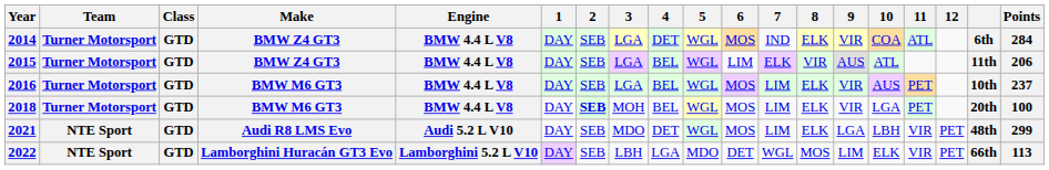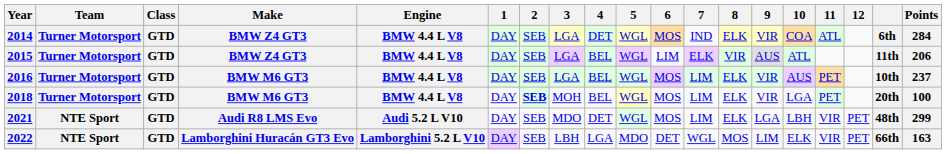 <table class="wikitable" style="text-align:center; font-size:90%">
 <tr>
 <th>Year</th>
 <th>Team</th>
 <th>Class</th>
 <th>Make</th>
 <th>Engine</th>
 <th>1</th>
 <th>2</th>
 <th>3</th>
 <th>4</th>
 <th>5</th>
 <th>6</th>
 <th>7</th>
 <th>8</th>
 <th>9</th>
 <th>10</th>
 <th>11</th>
 <th>12</th>
 <th></th>
 <th>Points</th>
 </tr>
 <tr>
 <th><a href='#'>2014</a></th>
 <th><a href='#'>Turner Motorsport</a></th>
 <th>GTD</th>
 <th><a href='#'>BMW Z4 GT3</a></th>
 <th><a href='#'>BMW</a> 4.4 L <a href='#'>V8</a></th>
 <td style="background:#DFFFDF;"><a href='#'>DAY</a><br></td>
 <td style="background:#DFFFDF;"><a href='#'>SEB</a><br></td>
 <td style="background:#FFFFBF;"><a href='#'>LGA</a> <br></td>
 <td style="background:#DFFFDF;"><a href='#'>DET</a> <br></td>
 <td style="background:#FFFFBF;"><a href='#'>WGL</a> <br></td>
 <td style="background:#FFDF9F;"><a href='#'>MOS</a><br></td>
 <td style="background:#;"><a href='#'>IND</a> <br></td>
 <td style="background:#FFFFBF;"><a href='#'>ELK</a><br></td>
 <td style="background:#FFFFBF;"><a href='#'>VIR</a> <br></td>
 <td style="background:#FFDF9F;"><a href='#'>COA</a><br></td>
 <td style="background:#DFFFDF;"><a href='#'>ATL</a><br></td>
 <td></td>
 <th>6th</th>
 <th>284</th>
 </tr>
 <tr>
 <th><a href='#'>2015</a></th>
 <th><a href='#'>Turner Motorsport</a></th>
 <th>GTD</th>
 <th><a href='#'>BMW Z4 GT3</a></th>
 <th><a href='#'>BMW</a> 4.4 L <a href='#'>V8</a></th>
 <td style="background:#DFFFDF;"><a href='#'>DAY</a><br></td>
 <td style="background:#DFFFDF;"><a href='#'>SEB</a><br></td>
 <td style="background:#EFCFFF;"><a href='#'>LGA</a><br></td>
 <td style="background:#DFFFDF;"><a href='#'>BEL</a><br></td>
 <td style="background:#EFCFFF;"><a href='#'>WGL</a><br></td>
 <td style="background:#;"><a href='#'>LIM</a><br></td>
 <td style="background:#EFCFFF;"><a href='#'>ELK</a><br></td>
 <td style="background:#DFFFDF;"><a href='#'>VIR</a><br></td>
 <td style="background:#DFDFDF;”"><a href='#'>AUS</a><br></td>
 <td style="background:#DFFFDF;"><a href='#'>ATL</a><br></td>
 <td></td>
 <td></td>
 <th>11th</th>
 <th>206</th>
 </tr>
 <tr>
 <th><a href='#'>2016</a></th>
 <th><a href='#'>Turner Motorsport</a></th>
 <th>GTD</th>
 <th><a href='#'>BMW M6 GT3</a></th>
 <th><a href='#'>BMW</a> 4.4 L <a href='#'>V8</a></th>
 <td style="background:#DFFFDF;"><a href='#'>DAY</a><br></td>
 <td style="background:#DFFFDF;"><a href='#'>SEB</a><br></td>
 <td style="background:#DFFFDF;"><a href='#'>LGA</a><br></td>
 <td style="background:#DFFFDF;"><a href='#'>BEL</a><br></td>
 <td style="background:#DFFFDF;"><a href='#'>WGL</a><br></td>
 <td style="background:#EFCFFF;"><a href='#'>MOS</a><br></td>
 <td style="background:#DFFFDF;"><a href='#'>LIM</a><br></td>
 <td style="background:#DFFFDF;"><a href='#'>ELK</a><br></td>
 <td style="background:#DFFFDF;"><a href='#'>VIR</a><br></td>
 <td style="background:#EFCFFF;"><a href='#'>AUS</a><br></td>
 <td style="background:#FFDF9F;”"><a href='#'>PET</a><br></td>
 <td></td>
 <th>10th</th>
 <th>237</th>
 </tr>
 <tr>
 <th><a href='#'>2018</a></th>
 <th><a href='#'>Turner Motorsport</a></th>
 <th>GTD</th>
 <th><a href='#'>BMW M6 GT3</a></th>
 <th><a href='#'>BMW</a> 4.4 L <a href='#'>V8</a></th>
 <td style="background:#;"><a href='#'>DAY</a><br></td>
 <td style="background:#DFFFDF;"><strong><a href='#'>SEB</a><br></strong></td>
 <td style="background:#;"><a href='#'>MOH</a><br></td>
 <td style="background:#;"><a href='#'>BEL</a><br></td>
 <td style="background:#FFFFBF;”"><a href='#'>WGL</a><br></td>
 <td style="background:#;"><a href='#'>MOS</a><br></td>
 <td style="background:#;"><a href='#'>LIM</a><br></td>
 <td style="background:#;"><a href='#'>ELK</a></td>
 <td style="background:#;"><a href='#'>VIR</a></td>
 <td style="background:#;"><a href='#'>LGA</a></td>
 <td style="background:#DFFFDF;"><a href='#'>PET</a><br></td>
 <td></td>
 <th>20th</th>
 <th>100</th>
 </tr>
 <tr>
 <th><a href='#'>2021</a></th>
 <th>NTE Sport</th>
 <th>GTD</th>
 <th><a href='#'>Audi R8 LMS Evo</a></th>
 <th><a href='#'>Audi</a> 5.2 L V10</th>
 <td style="background:#;"><a href='#'>DAY</a><br></td>
 <td style="background:#;"><a href='#'>SEB</a><br></td>
 <td style="background:#;"><a href='#'>MDO</a><br></td>
 <td style="background:#;"><a href='#'>DET</a><br></td>
 <td style="background:#DFFFDF;"><a href='#'>WGL</a><br></td>
 <td style="background:#;"><a href='#'>MOS</a><br></td>
 <td style="background:#;"><a href='#'>LIM</a><br></td>
 <td style="background:#;"><a href='#'>ELK</a></td>
 <td style="background:#;"><a href='#'>LGA</a></td>
 <td style="background:#;"><a href='#'>LBH</a></td>
 <td style="background:#;"><a href='#'>VIR</a></td>
 <td style="background:#;"><a href='#'>PET</a></td>
 <th>48th</th>
 <th>299</th>
 </tr>
 <tr>
 <th><a href='#'>2022</a></th>
 <th>NTE Sport</th>
 <th>GTD</th>
 <th><a href='#'>Lamborghini Huracán GT3 Evo</a></th>
 <th><a href='#'>Lamborghini</a> 5.2 L <a href='#'>V10</a></th>
 <td style="background:#EFCFFF;"><a href='#'>DAY</a><br></td>
 <td style="background:#;”"><a href='#'>SEB</a><br></td>
 <td style="background:#;”"><a href='#'>LBH</a><br></td>
 <td style="background:#;”"><a href='#'>LGA</a><br></td>
 <td style="background:#;”"><a href='#'>MDO</a><br></td>
 <td style="background:#;”"><a href='#'>DET</a><br></td>
 <td style="background:#;”"><a href='#'>WGL</a><br></td>
 <td style="background:#;”"><a href='#'>MOS</a></td>
 <td style="background:#;”"><a href='#'>LIM</a></td>
 <td style="background:#;”"><a href='#'>ELK</a></td>
 <td style="background:#;”"><a href='#'>VIR</a></td>
 <td style="background:#;”"><a href='#'>PET</a></td>
 <th>66th</th>
-<th>113</th>
+<th>163</th>
 </tr>
 </table>
